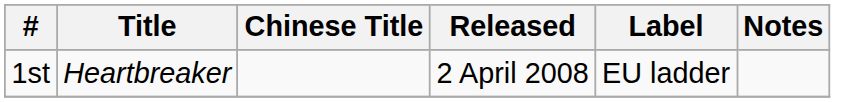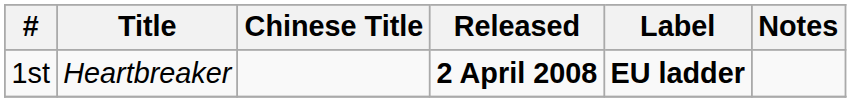 <table class="wikitable">
 <tr>
 <th>#</th>
 <th>Title</th>
 <th>Chinese Title</th>
 <th>Released</th>
 <th>Label</th>
 <th>Notes</th>
 </tr>
 <tr>
 <td>1st</td>
 <td><em>Heartbreaker</em></td>
 <td></td>
-<td>2 April 2008</td>
-<td>EU ladder</td>
+<td><strong>2 April 2008</strong></td>
+<td><strong>EU ladder</strong></td>
 <td></td>
 </tr>
 <tr>
 </tr>
 </table>
